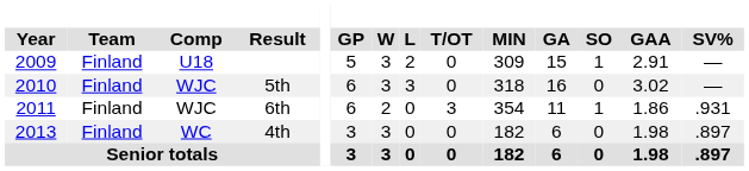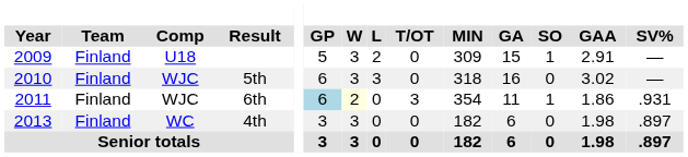 <table border="0" cellpadding="1" cellspacing="0" style="text-align:center; width:40em">
 <tr bgcolor="#e0e0e0">
 <th colspan="4" bgcolor="#ffffff"> </th>
 <th rowspan="99" bgcolor="#ffffff"> </th>
 </tr>
 <tr ALIGN="center" bgcolor="#e0e0e0">
 <th>Year</th>
 <th>Team</th>
 <th>Comp</th>
 <th>Result</th>
 <th>GP</th>
 <th>W</th>
 <th>L</th>
 <th>T/OT</th>
 <th>MIN</th>
 <th>GA</th>
 <th>SO</th>
 <th>GAA</th>
 <th>SV%</th>
 </tr>
 <tr>
 <td><a href='#'>2009</a></td>
 <td><a href='#'>Finland</a></td>
 <td><a href='#'>U18</a></td>
 <td></td>
 <td>5</td>
 <td>3</td>
 <td>2</td>
 <td>0</td>
 <td>309</td>
 <td>15</td>
 <td>1</td>
 <td>2.91</td>
 <td>—</td>
 </tr>
 <tr bgcolor="#f0f0f0">
 <td><a href='#'>2010</a></td>
 <td><a href='#'>Finland</a></td>
 <td><a href='#'>WJC</a></td>
 <td>5th</td>
 <td>6</td>
 <td>3</td>
 <td>3</td>
 <td>0</td>
 <td>318</td>
 <td>16</td>
 <td>0</td>
 <td>3.02</td>
 <td>—</td>
 </tr>
 <tr>
 <td><a href='#'>2011</a></td>
 <td>Finland</td>
 <td>WJC</td>
 <td>6th</td>
-<td>6</td>
-<td>2</td>
+<td style="background: lightblue;">6</td>
+<td style="background: lightyellow;">2</td>
 <td>0</td>
 <td>3</td>
 <td>354</td>
 <td>11</td>
 <td>1</td>
 <td>1.86</td>
 <td>.931</td>
 </tr>
 <tr bgcolor="#f0f0f0">
 <td><a href='#'>2013</a></td>
 <td><a href='#'>Finland</a></td>
 <td><a href='#'>WC</a></td>
 <td>4th</td>
 <td>3</td>
 <td>3</td>
 <td>0</td>
 <td>0</td>
 <td>182</td>
 <td>6</td>
 <td>0</td>
 <td>1.98</td>
 <td>.897</td>
 </tr>
 <tr bgcolor="#e0e0e0">
 <th colspan="4" align="center">Senior totals</th>
 <th>3</th>
 <th>3</th>
 <th>0</th>
 <th>0</th>
 <th>182</th>
 <th>6</th>
 <th>0</th>
 <th>1.98</th>
 <th>.897</th>
 </tr>
 </table>
